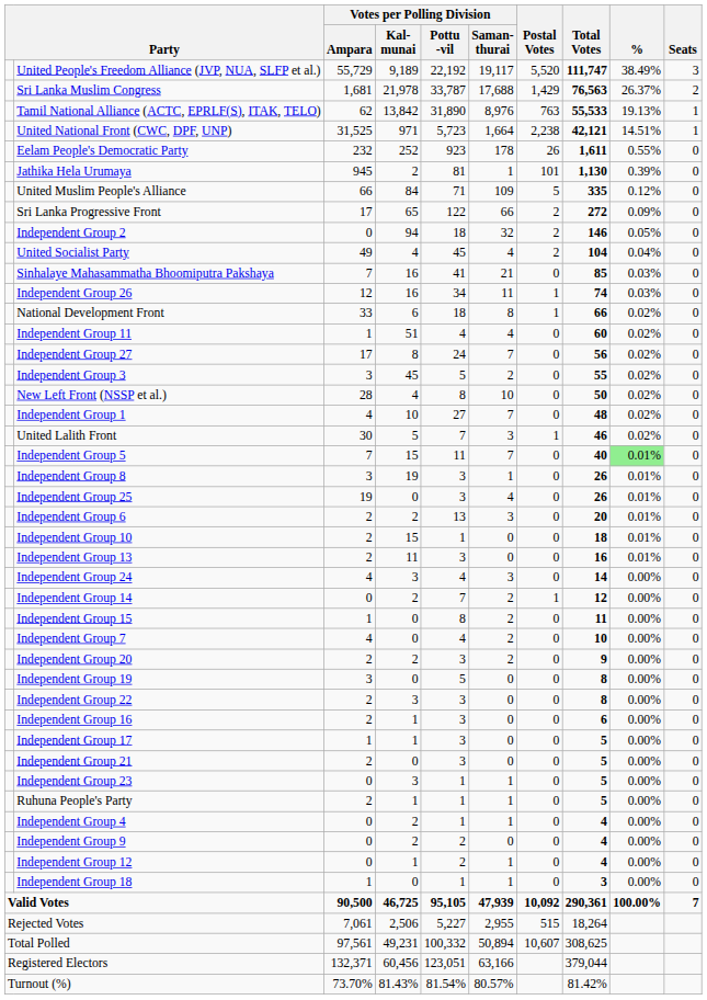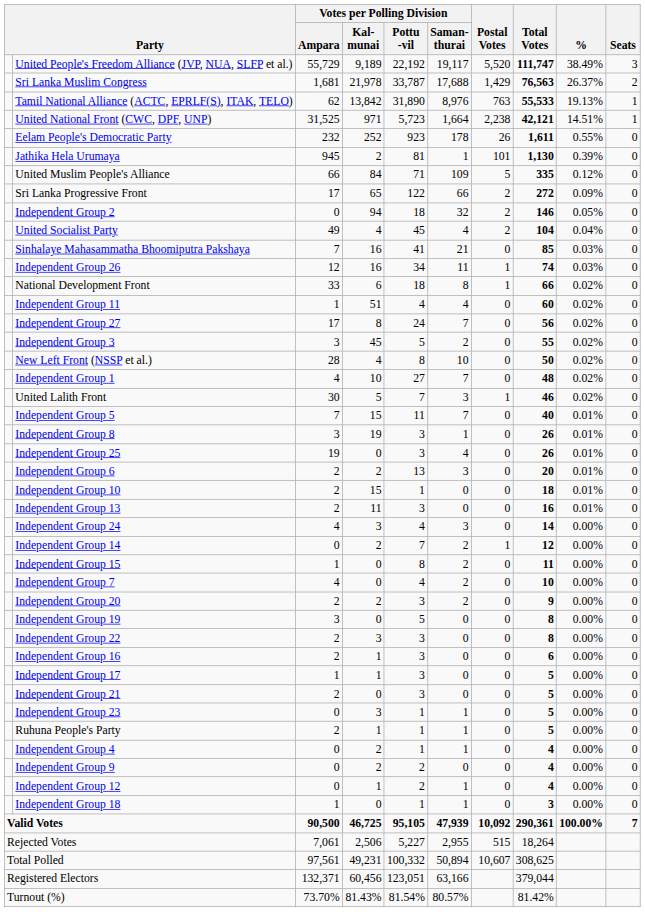 <table class="wikitable" border="1" style="text-align:right;">
 <tr>
 <th align=left valign=bottom rowspan=2 colspan=2>Party</th>
 <th colspan=4>Votes per Polling Division</th>
 <th align=center valign=bottom rowspan=2 width="50">Postal<br>Votes</th>
 <th align=center valign=bottom rowspan=2 width="50">Total Votes</th>
 <th align=center valign=bottom rowspan=2 width="50">%</th>
 <th align=center valign=bottom rowspan=2 width="40">Seats</th>
 </tr>
 <tr>
 <th align=center valign=bottom width="50">Ampara</th>
 <th align=center valign=bottom width="50">Kal-<br>munai</th>
 <th align=center valign=bottom width="50">Pottu<br>-vil</th>
 <th align=center valign=bottom width="50">Saman-<br>thurai</th>
 </tr>
 <tr>
 <td bgcolor=> </td>
 <td align=left><a href='#'>United People's Freedom Alliance</a> (<a href='#'>JVP</a>, <a href='#'>NUA</a>, <a href='#'>SLFP</a> et al.)</td>
 <td>55,729</td>
 <td>9,189</td>
 <td>22,192</td>
 <td>19,117</td>
 <td>5,520</td>
 <td><strong>111,747</strong></td>
 <td>38.49%</td>
 <td>3</td>
 </tr>
 <tr>
 <td bgcolor=> </td>
 <td align=left><a href='#'>Sri Lanka Muslim Congress</a></td>
 <td>1,681</td>
 <td>21,978</td>
 <td>33,787</td>
 <td>17,688</td>
 <td>1,429</td>
 <td><strong>76,563</strong></td>
 <td>26.37%</td>
 <td>2</td>
 </tr>
 <tr>
 <td bgcolor=> </td>
 <td align=left><a href='#'>Tamil National Alliance</a> (<a href='#'>ACTC</a>, <a href='#'>EPRLF(S)</a>, <a href='#'>ITAK</a>, <a href='#'>TELO</a>)</td>
 <td>62</td>
 <td>13,842</td>
 <td>31,890</td>
 <td>8,976</td>
 <td>763</td>
 <td><strong>55,533</strong></td>
 <td>19.13%</td>
 <td>1</td>
 </tr>
 <tr>
 <td bgcolor=> </td>
 <td align=left><a href='#'>United National Front</a> (<a href='#'>CWC</a>, <a href='#'>DPF</a>, <a href='#'>UNP</a>)</td>
 <td>31,525</td>
 <td>971</td>
 <td>5,723</td>
 <td>1,664</td>
 <td>2,238</td>
 <td><strong>42,121</strong></td>
 <td>14.51%</td>
 <td>1</td>
 </tr>
 <tr>
 <td bgcolor=> </td>
 <td align=left><a href='#'>Eelam People's Democratic Party</a></td>
 <td>232</td>
 <td>252</td>
 <td>923</td>
 <td>178</td>
 <td>26</td>
 <td><strong>1,611</strong></td>
 <td>0.55%</td>
 <td>0</td>
 </tr>
 <tr>
 <td bgcolor=> </td>
 <td align=left><a href='#'>Jathika Hela Urumaya</a></td>
 <td>945</td>
 <td>2</td>
 <td>81</td>
 <td>1</td>
 <td>101</td>
 <td><strong>1,130</strong></td>
 <td>0.39%</td>
 <td>0</td>
 </tr>
 <tr>
 <td></td>
 <td align=left>United Muslim People's Alliance</td>
 <td>66</td>
 <td>84</td>
 <td>71</td>
 <td>109</td>
 <td>5</td>
 <td><strong>335</strong></td>
 <td>0.12%</td>
 <td>0</td>
 </tr>
 <tr>
 <td></td>
 <td align=left>Sri Lanka Progressive Front</td>
 <td>17</td>
 <td>65</td>
 <td>122</td>
 <td>66</td>
 <td>2</td>
 <td><strong>272</strong></td>
 <td>0.09%</td>
 <td>0</td>
 </tr>
 <tr>
 <td bgcolor=> </td>
 <td align=left><a href='#'>Independent Group 2</a></td>
 <td>0</td>
 <td>94</td>
 <td>18</td>
 <td>32</td>
 <td>2</td>
 <td><strong>146</strong></td>
 <td>0.05%</td>
 <td>0</td>
 </tr>
 <tr>
 <td></td>
 <td align=left><a href='#'>United Socialist Party</a></td>
 <td>49</td>
 <td>4</td>
 <td>45</td>
 <td>4</td>
 <td>2</td>
 <td><strong>104</strong></td>
 <td>0.04%</td>
 <td>0</td>
 </tr>
 <tr>
 <td bgcolor=> </td>
 <td align=left><a href='#'>Sinhalaye Mahasammatha Bhoomiputra Pakshaya</a></td>
 <td>7</td>
 <td>16</td>
 <td>41</td>
 <td>21</td>
 <td>0</td>
 <td><strong>85</strong></td>
 <td>0.03%</td>
 <td>0</td>
 </tr>
 <tr>
 <td bgcolor=> </td>
 <td align=left><a href='#'>Independent Group 26</a></td>
 <td>12</td>
 <td>16</td>
 <td>34</td>
 <td>11</td>
 <td>1</td>
 <td><strong>74</strong></td>
 <td>0.03%</td>
 <td>0</td>
 </tr>
 <tr>
 <td></td>
 <td align=left>National Development Front</td>
 <td>33</td>
 <td>6</td>
 <td>18</td>
 <td>8</td>
 <td>1</td>
 <td><strong>66</strong></td>
 <td>0.02%</td>
 <td>0</td>
 </tr>
 <tr>
 <td bgcolor=> </td>
 <td align=left><a href='#'>Independent Group 11</a></td>
 <td>1</td>
 <td>51</td>
 <td>4</td>
 <td>4</td>
 <td>0</td>
 <td><strong>60</strong></td>
 <td>0.02%</td>
 <td>0</td>
 </tr>
 <tr>
 <td bgcolor=> </td>
 <td align=left><a href='#'>Independent Group 27</a></td>
 <td>17</td>
 <td>8</td>
 <td>24</td>
 <td>7</td>
 <td>0</td>
 <td><strong>56</strong></td>
 <td>0.02%</td>
 <td>0</td>
 </tr>
 <tr>
 <td bgcolor=> </td>
 <td align=left><a href='#'>Independent Group 3</a></td>
 <td>3</td>
 <td>45</td>
 <td>5</td>
 <td>2</td>
 <td>0</td>
 <td><strong>55</strong></td>
 <td>0.02%</td>
 <td>0</td>
 </tr>
 <tr>
 <td bgcolor=> </td>
 <td align=left><a href='#'>New Left Front</a> (<a href='#'>NSSP</a> et al.)</td>
 <td>28</td>
 <td>4</td>
 <td>8</td>
 <td>10</td>
 <td>0</td>
 <td><strong>50</strong></td>
 <td>0.02%</td>
 <td>0</td>
 </tr>
 <tr>
 <td bgcolor=> </td>
 <td align=left><a href='#'>Independent Group 1</a></td>
 <td>4</td>
 <td>10</td>
 <td>27</td>
 <td>7</td>
 <td>0</td>
 <td><strong>48</strong></td>
 <td>0.02%</td>
 <td>0</td>
 </tr>
 <tr>
 <td></td>
 <td align=left>United Lalith Front</td>
 <td>30</td>
 <td>5</td>
 <td>7</td>
 <td>3</td>
 <td>1</td>
 <td><strong>46</strong></td>
 <td>0.02%</td>
 <td>0</td>
 </tr>
 <tr>
 <td bgcolor=> </td>
 <td align=left><a href='#'>Independent Group 5</a></td>
 <td>7</td>
 <td>15</td>
 <td>11</td>
 <td>7</td>
 <td>0</td>
 <td><strong>40</strong></td>
-<td style="background: lightgreen;">0.01%</td>
+<td>0.01%</td>
 <td>0</td>
 </tr>
 <tr>
 <td bgcolor=> </td>
 <td align=left><a href='#'>Independent Group 8</a></td>
 <td>3</td>
 <td>19</td>
 <td>3</td>
 <td>1</td>
 <td>0</td>
 <td><strong>26</strong></td>
 <td>0.01%</td>
 <td>0</td>
 </tr>
 <tr>
 <td bgcolor=> </td>
 <td align=left><a href='#'>Independent Group 25</a></td>
 <td>19</td>
 <td>0</td>
 <td>3</td>
 <td>4</td>
 <td>0</td>
 <td><strong>26</strong></td>
 <td>0.01%</td>
 <td>0</td>
 </tr>
 <tr>
 <td bgcolor=> </td>
 <td align=left><a href='#'>Independent Group 6</a></td>
 <td>2</td>
 <td>2</td>
 <td>13</td>
 <td>3</td>
 <td>0</td>
 <td><strong>20</strong></td>
 <td>0.01%</td>
 <td>0</td>
 </tr>
 <tr>
 <td bgcolor=> </td>
 <td align=left><a href='#'>Independent Group 10</a></td>
 <td>2</td>
 <td>15</td>
 <td>1</td>
 <td>0</td>
 <td>0</td>
 <td><strong>18</strong></td>
 <td>0.01%</td>
 <td>0</td>
 </tr>
 <tr>
 <td bgcolor=> </td>
 <td align=left><a href='#'>Independent Group 13</a></td>
 <td>2</td>
 <td>11</td>
 <td>3</td>
 <td>0</td>
 <td>0</td>
 <td><strong>16</strong></td>
 <td>0.01%</td>
 <td>0</td>
 </tr>
 <tr>
 <td bgcolor=> </td>
 <td align=left><a href='#'>Independent Group 24</a></td>
 <td>4</td>
 <td>3</td>
 <td>4</td>
 <td>3</td>
 <td>0</td>
 <td><strong>14</strong></td>
 <td>0.00%</td>
 <td>0</td>
 </tr>
 <tr>
 <td bgcolor=> </td>
 <td align=left><a href='#'>Independent Group 14</a></td>
 <td>0</td>
 <td>2</td>
 <td>7</td>
 <td>2</td>
 <td>1</td>
 <td><strong>12</strong></td>
 <td>0.00%</td>
 <td>0</td>
 </tr>
 <tr>
 <td bgcolor=> </td>
 <td align=left><a href='#'>Independent Group 15</a></td>
 <td>1</td>
 <td>0</td>
 <td>8</td>
 <td>2</td>
 <td>0</td>
 <td><strong>11</strong></td>
 <td>0.00%</td>
 <td>0</td>
 </tr>
 <tr>
 <td bgcolor=> </td>
 <td align=left><a href='#'>Independent Group 7</a></td>
 <td>4</td>
 <td>0</td>
 <td>4</td>
 <td>2</td>
 <td>0</td>
 <td><strong>10</strong></td>
 <td>0.00%</td>
 <td>0</td>
 </tr>
 <tr>
 <td bgcolor=> </td>
 <td align=left><a href='#'>Independent Group 20</a></td>
 <td>2</td>
 <td>2</td>
 <td>3</td>
 <td>2</td>
 <td>0</td>
 <td><strong>9</strong></td>
 <td>0.00%</td>
 <td>0</td>
 </tr>
 <tr>
 <td bgcolor=> </td>
 <td align=left><a href='#'>Independent Group 19</a></td>
 <td>3</td>
 <td>0</td>
 <td>5</td>
 <td>0</td>
 <td>0</td>
 <td><strong>8</strong></td>
 <td>0.00%</td>
 <td>0</td>
 </tr>
 <tr>
 <td bgcolor=> </td>
 <td align=left><a href='#'>Independent Group 22</a></td>
 <td>2</td>
 <td>3</td>
 <td>3</td>
 <td>0</td>
 <td>0</td>
 <td><strong>8</strong></td>
 <td>0.00%</td>
 <td>0</td>
 </tr>
 <tr>
 <td bgcolor=> </td>
 <td align=left><a href='#'>Independent Group 16</a></td>
 <td>2</td>
 <td>1</td>
 <td>3</td>
 <td>0</td>
 <td>0</td>
 <td><strong>6</strong></td>
 <td>0.00%</td>
 <td>0</td>
 </tr>
 <tr>
 <td bgcolor=> </td>
 <td align=left><a href='#'>Independent Group 17</a></td>
 <td>1</td>
 <td>1</td>
 <td>3</td>
 <td>0</td>
 <td>0</td>
 <td><strong>5</strong></td>
 <td>0.00%</td>
 <td>0</td>
 </tr>
 <tr>
 <td bgcolor=> </td>
 <td align=left><a href='#'>Independent Group 21</a></td>
 <td>2</td>
 <td>0</td>
 <td>3</td>
 <td>0</td>
 <td>0</td>
 <td><strong>5</strong></td>
 <td>0.00%</td>
 <td>0</td>
 </tr>
 <tr>
 <td bgcolor=> </td>
 <td align=left><a href='#'>Independent Group 23</a></td>
 <td>0</td>
 <td>3</td>
 <td>1</td>
 <td>1</td>
 <td>0</td>
 <td><strong>5</strong></td>
 <td>0.00%</td>
 <td>0</td>
 </tr>
 <tr>
 <td></td>
 <td align=left>Ruhuna People's Party</td>
 <td>2</td>
 <td>1</td>
 <td>1</td>
 <td>1</td>
 <td>0</td>
 <td><strong>5</strong></td>
 <td>0.00%</td>
 <td>0</td>
 </tr>
 <tr>
 <td bgcolor=> </td>
 <td align=left><a href='#'>Independent Group 4</a></td>
 <td>0</td>
 <td>2</td>
 <td>1</td>
 <td>1</td>
 <td>0</td>
 <td><strong>4</strong></td>
 <td>0.00%</td>
 <td>0</td>
 </tr>
 <tr>
 <td bgcolor=> </td>
 <td align=left><a href='#'>Independent Group 9</a></td>
 <td>0</td>
 <td>2</td>
 <td>2</td>
 <td>0</td>
 <td>0</td>
 <td><strong>4</strong></td>
 <td>0.00%</td>
 <td>0</td>
 </tr>
 <tr>
 <td bgcolor=> </td>
 <td align=left><a href='#'>Independent Group 12</a></td>
 <td>0</td>
 <td>1</td>
 <td>2</td>
 <td>1</td>
 <td>0</td>
 <td><strong>4</strong></td>
 <td>0.00%</td>
 <td>0</td>
 </tr>
 <tr>
 <td bgcolor=> </td>
 <td align=left><a href='#'>Independent Group 18</a></td>
 <td>1</td>
 <td>0</td>
 <td>1</td>
 <td>1</td>
 <td>0</td>
 <td><strong>3</strong></td>
 <td>0.00%</td>
 <td>0</td>
 </tr>
 <tr>
 <td align=left colspan=2><strong>Valid Votes</strong></td>
 <td><strong>90,500</strong></td>
 <td><strong>46,725</strong></td>
 <td><strong>95,105</strong></td>
 <td><strong>47,939</strong></td>
 <td><strong>10,092</strong></td>
 <td><strong>290,361</strong></td>
 <td><strong>100.00%</strong></td>
 <td><strong>7</strong></td>
 </tr>
 <tr>
 <td align=left colspan=2>Rejected Votes</td>
 <td>7,061</td>
 <td>2,506</td>
 <td>5,227</td>
 <td>2,955</td>
 <td>515</td>
 <td>18,264</td>
 <td></td>
 <td></td>
 </tr>
 <tr>
 <td align=left colspan=2>Total Polled</td>
 <td>97,561</td>
 <td>49,231</td>
 <td>100,332</td>
 <td>50,894</td>
 <td>10,607</td>
 <td>308,625</td>
 <td></td>
 <td></td>
 </tr>
 <tr>
 <td align=left colspan=2>Registered Electors</td>
 <td>132,371</td>
 <td>60,456</td>
 <td>123,051</td>
 <td>63,166</td>
 <td></td>
 <td>379,044</td>
 <td></td>
 <td></td>
 </tr>
 <tr>
 <td align=left colspan=2>Turnout (%)</td>
 <td>73.70%</td>
 <td>81.43%</td>
 <td>81.54%</td>
 <td>80.57%</td>
 <td></td>
 <td>81.42%</td>
 <td></td>
 <td></td>
 </tr>
 </table>
